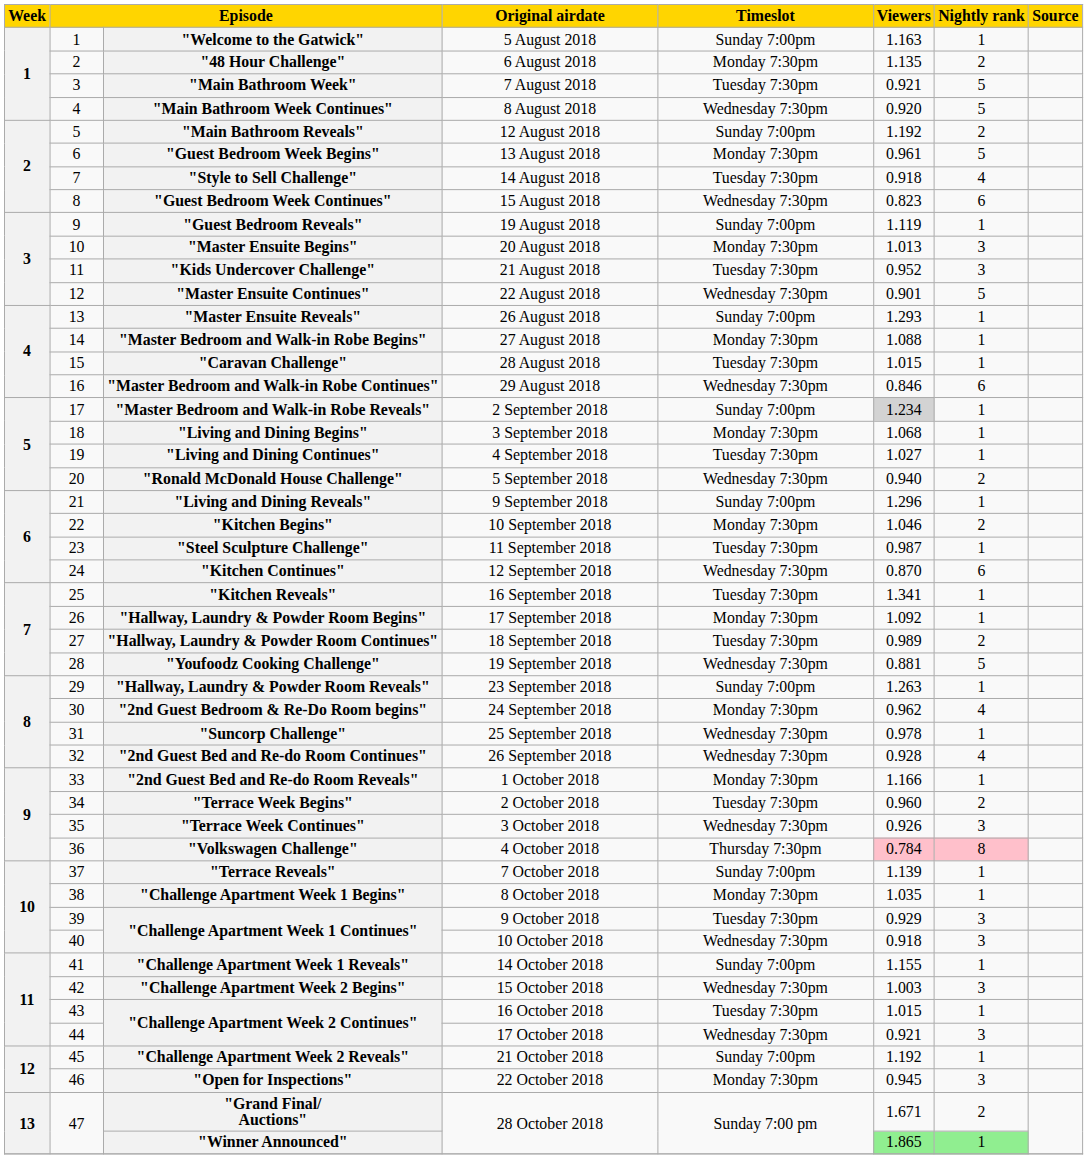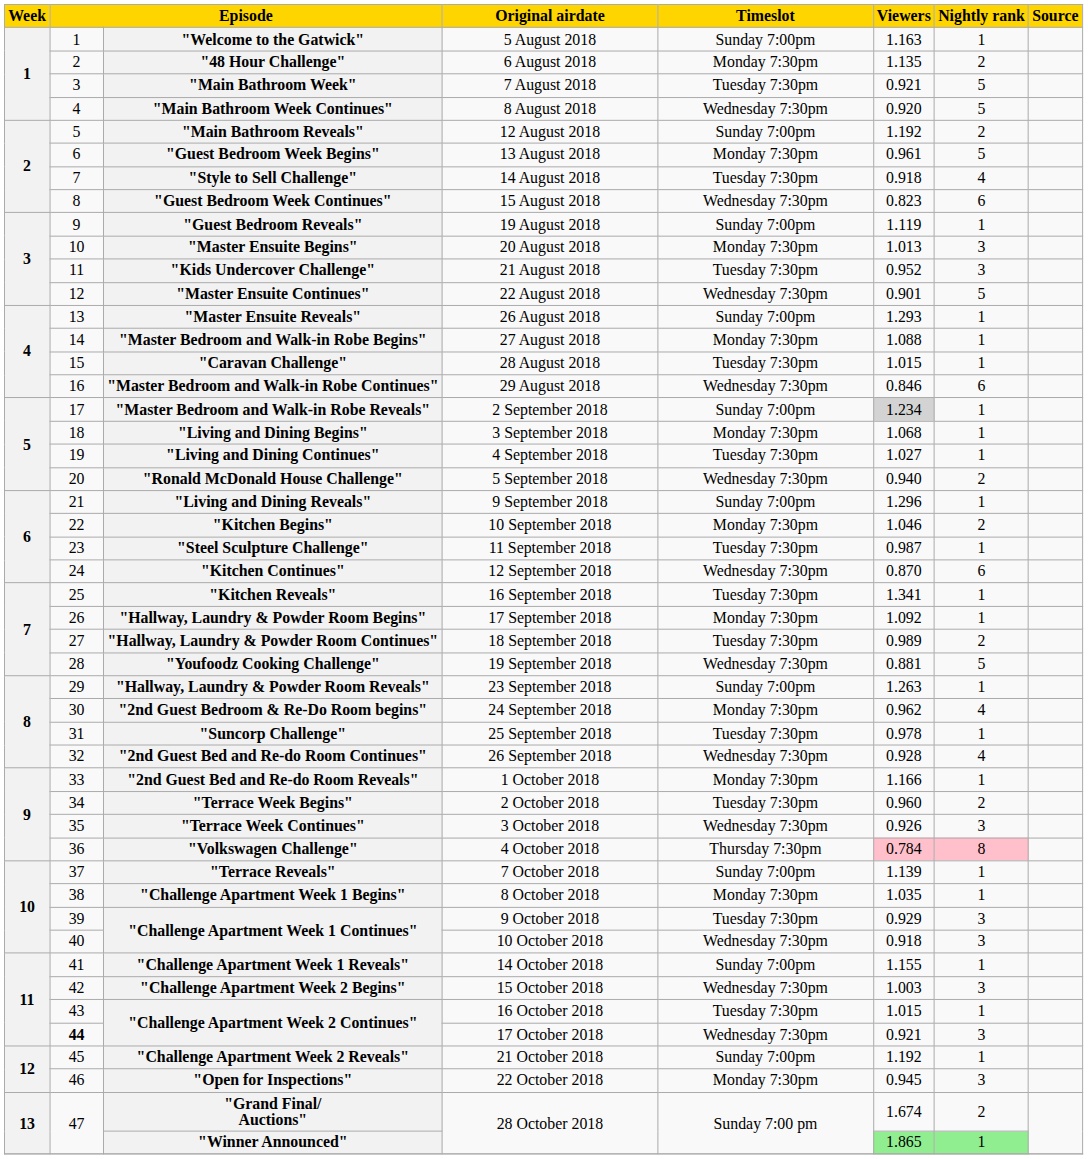 <table class="wikitable plainrowheaders" style="text-align:center; line-height:16px; vbbwidth:99%;">
 <tr>
 <th scope="col" style="background:#FFD500; color:black;">Week</th>
 <th scope="col" style="background:#FFD500; color:black;" colspan="2">Episode</th>
 <th scope="col" style="background:#FFD500; color:black; width:20%;">Original airdate</th>
 <th scope="col" style="background:#FFD500; color:black; width:20%;">Timeslot</th>
 <th scope="col" style="background:#FFD500; color:black;">Viewers<br><small></small></th>
 <th scope="col" style="background:#FFD500; color:black;">Nightly rank</th>
 <th scope="col" style="background:#FFD500; color:black;">Source</th>
 </tr>
 <tr>
 <th rowspan="4">1</th>
 <td>1</td>
 <th scope="row" style="text-align:center">"Welcome to the Gatwick"</th>
 <td>5 August 2018</td>
 <td>Sunday 7:00pm</td>
 <td>1.163</td>
 <td>1</td>
 <td></td>
 </tr>
 <tr>
 <td>2</td>
 <th scope="row" style="text-align:center">"48 Hour Challenge"</th>
 <td>6 August 2018</td>
 <td>Monday 7:30pm</td>
 <td>1.135</td>
 <td>2</td>
 <td></td>
 </tr>
 <tr>
 <td>3</td>
 <th scope="row" style="text-align:center">"Main Bathroom Week"</th>
 <td>7 August 2018</td>
 <td>Tuesday 7:30pm</td>
 <td>0.921</td>
 <td>5</td>
 <td></td>
 </tr>
 <tr>
 <td>4</td>
 <th scope="row" style="text-align:center">"Main Bathroom Week Continues"</th>
 <td>8 August 2018</td>
 <td>Wednesday 7:30pm</td>
 <td>0.920</td>
 <td>5</td>
 <td></td>
 </tr>
 <tr>
 <th rowspan="4">2</th>
 <td>5</td>
 <th scope="row" style="text-align:center">"Main Bathroom Reveals"</th>
 <td>12 August 2018</td>
 <td>Sunday 7:00pm</td>
 <td>1.192</td>
 <td>2</td>
 <td></td>
 </tr>
 <tr>
 <td>6</td>
 <th scope="row" style="text-align:center">"Guest Bedroom Week Begins"</th>
 <td>13 August 2018</td>
 <td>Monday 7:30pm</td>
 <td>0.961</td>
 <td>5</td>
 <td></td>
 </tr>
 <tr>
 <td>7</td>
 <th scope="row" style="text-align:center">"Style to Sell Challenge"</th>
 <td>14 August 2018</td>
 <td>Tuesday 7:30pm</td>
 <td>0.918</td>
 <td>4</td>
 <td></td>
 </tr>
 <tr>
 <td>8</td>
 <th scope="row" style="text-align:center">"Guest Bedroom Week Continues"</th>
 <td>15 August 2018</td>
 <td>Wednesday 7:30pm</td>
 <td>0.823</td>
 <td>6</td>
 <td></td>
 </tr>
 <tr>
 <th rowspan="4">3</th>
 <td>9</td>
 <th scope="row" style="text-align:center">"Guest Bedroom Reveals"</th>
 <td>19 August 2018</td>
 <td>Sunday 7:00pm</td>
 <td>1.119</td>
 <td>1</td>
 <td></td>
 </tr>
 <tr>
 <td>10</td>
 <th scope="row" style="text-align:center">"Master Ensuite Begins"</th>
 <td>20 August 2018</td>
 <td>Monday 7:30pm</td>
 <td>1.013</td>
 <td>3</td>
 <td></td>
 </tr>
 <tr>
 <td>11</td>
 <th scope="row" style="text-align:center">"Kids Undercover Challenge"</th>
 <td>21 August 2018</td>
 <td>Tuesday 7:30pm</td>
 <td>0.952</td>
 <td>3</td>
 <td></td>
 </tr>
 <tr>
 <td>12</td>
 <th scope="row" style="text-align:center">"Master Ensuite Continues"</th>
 <td>22 August 2018</td>
 <td>Wednesday 7:30pm</td>
 <td>0.901</td>
 <td>5</td>
 <td></td>
 </tr>
 <tr>
 <th rowspan="4">4</th>
 <td>13</td>
 <th scope="row" style="text-align:center">"Master Ensuite Reveals"</th>
 <td>26 August 2018</td>
 <td>Sunday 7:00pm</td>
 <td>1.293</td>
 <td>1</td>
 <td></td>
 </tr>
 <tr>
 <td>14</td>
 <th scope="row" style="text-align:center">"Master Bedroom and Walk-in Robe Begins"</th>
 <td>27 August 2018</td>
 <td>Monday 7:30pm</td>
 <td>1.088</td>
 <td>1</td>
 <td></td>
 </tr>
 <tr>
 <td>15</td>
 <th scope="row" style="text-align:center">"Caravan Challenge"</th>
 <td>28 August 2018</td>
 <td>Tuesday 7:30pm</td>
 <td>1.015</td>
 <td>1</td>
 <td></td>
 </tr>
 <tr>
 <td>16</td>
 <th scope="row" style="text-align:center">"Master Bedroom and Walk-in Robe Continues"</th>
 <td>29 August 2018</td>
 <td>Wednesday 7:30pm</td>
 <td>0.846</td>
 <td>6</td>
 <td></td>
 </tr>
 <tr>
 <th rowspan="4">5</th>
 <td>17</td>
 <th scope="row" style="text-align:center">"Master Bedroom and Walk-in Robe Reveals"</th>
 <td>2 September 2018</td>
 <td>Sunday 7:00pm</td>
 <td style="background: lightgrey;">1.234</td>
 <td>1</td>
 <td></td>
 </tr>
 <tr>
 <td>18</td>
 <th scope="row" style="text-align:center">"Living and Dining Begins"</th>
 <td>3 September 2018</td>
 <td>Monday 7:30pm</td>
 <td>1.068</td>
 <td>1</td>
 <td></td>
 </tr>
 <tr>
 <td>19</td>
 <th scope="row" style="text-align:center">"Living and Dining Continues"</th>
 <td>4 September 2018</td>
 <td>Tuesday 7:30pm</td>
 <td>1.027</td>
 <td>1</td>
 <td></td>
 </tr>
 <tr>
 <td>20</td>
 <th scope="row" style="text-align:center">"Ronald McDonald House Challenge"</th>
 <td>5 September 2018</td>
 <td>Wednesday 7:30pm</td>
 <td>0.940</td>
 <td>2</td>
 <td></td>
 </tr>
 <tr>
 <th rowspan="4">6</th>
 <td>21</td>
 <th scope="row" style="text-align:center">"Living and Dining Reveals"</th>
 <td>9 September 2018</td>
 <td>Sunday 7:00pm</td>
 <td>1.296</td>
 <td>1</td>
 <td></td>
 </tr>
 <tr>
 <td>22</td>
 <th scope="row" style="text-align:center">"Kitchen Begins"</th>
 <td>10 September 2018</td>
 <td>Monday 7:30pm</td>
 <td>1.046</td>
 <td>2</td>
 <td></td>
 </tr>
 <tr>
 <td>23</td>
 <th scope="row" style="text-align:center">"Steel Sculpture Challenge"</th>
 <td>11 September 2018</td>
 <td>Tuesday 7:30pm</td>
 <td>0.987</td>
 <td>1</td>
 <td></td>
 </tr>
 <tr>
 <td>24</td>
 <th scope="row" style="text-align:center">"Kitchen Continues"</th>
 <td>12 September 2018</td>
 <td>Wednesday 7:30pm</td>
 <td>0.870</td>
 <td>6</td>
 <td></td>
 </tr>
 <tr>
 <th rowspan="4">7</th>
 <td>25</td>
 <th scope="row" style="text-align:center">"Kitchen Reveals"</th>
 <td>16 September 2018</td>
 <td>Tuesday 7:30pm</td>
 <td>1.341</td>
 <td>1</td>
 <td></td>
 </tr>
 <tr>
 <td>26</td>
 <th scope="row" style="text-align:center">"Hallway, Laundry & Powder Room Begins"</th>
 <td>17 September 2018</td>
 <td>Monday 7:30pm</td>
 <td>1.092</td>
 <td>1</td>
 <td></td>
 </tr>
 <tr>
 <td>27</td>
 <th scope="row" style="text-align:center">"Hallway, Laundry & Powder Room Continues"</th>
 <td>18 September 2018</td>
 <td>Tuesday 7:30pm</td>
 <td>0.989</td>
 <td>2</td>
 <td></td>
 </tr>
 <tr>
 <td>28</td>
 <th scope="row" style="text-align:center">"Youfoodz Cooking Challenge"</th>
 <td>19 September 2018</td>
 <td>Wednesday 7:30pm</td>
 <td>0.881</td>
 <td>5</td>
 <td></td>
 </tr>
 <tr>
 <th rowspan="4">8</th>
 <td>29</td>
 <th scope="row" style="text-align:center">"Hallway, Laundry & Powder Room Reveals"</th>
 <td>23 September 2018</td>
 <td>Sunday 7:00pm</td>
 <td>1.263</td>
 <td>1</td>
 <td></td>
 </tr>
 <tr>
 <td>30</td>
 <th scope="row" style="text-align:center">"2nd Guest Bedroom & Re-Do Room begins"</th>
 <td>24 September 2018</td>
 <td>Monday 7:30pm</td>
 <td>0.962</td>
 <td>4</td>
 <td></td>
 </tr>
 <tr>
 <td>31</td>
 <th scope="row" style="text-align:center">"Suncorp Challenge"</th>
 <td>25 September 2018</td>
-<td>Wednesday 7:30pm</td>
+<td>Tuesday 7:30pm</td>
 <td>0.978</td>
 <td>1</td>
 <td></td>
 </tr>
 <tr>
 <td>32</td>
 <th scope="row" style="text-align:center">"2nd Guest Bed and Re-do Room Continues"</th>
 <td>26 September 2018</td>
 <td>Wednesday 7:30pm</td>
 <td>0.928</td>
 <td>4</td>
 <td></td>
 </tr>
 <tr>
 <th rowspan="4">9</th>
 <td>33</td>
 <th scope="row" style="text-align:center">"2nd Guest Bed and Re-do Room Reveals"</th>
 <td>1 October 2018</td>
 <td>Monday 7:30pm</td>
 <td>1.166</td>
 <td>1</td>
 <td></td>
 </tr>
 <tr>
 <td>34</td>
 <th scope="row" style="text-align:center">"Terrace Week Begins"</th>
 <td>2 October 2018</td>
 <td>Tuesday 7:30pm</td>
 <td>0.960</td>
 <td>2</td>
 <td></td>
 </tr>
 <tr>
 <td>35</td>
 <th scope="row" style="text-align:center">"Terrace Week Continues"</th>
 <td>3 October 2018</td>
 <td>Wednesday 7:30pm</td>
 <td>0.926</td>
 <td>3</td>
 <td></td>
 </tr>
 <tr>
 <td>36</td>
 <th scope="row" style="text-align:center">"Volkswagen Challenge"</th>
 <td>4 October 2018</td>
 <td>Thursday 7:30pm</td>
 <td style="background:#FFC0CB">0.784</td>
 <td style="background:#FFC0CB">8</td>
 <td></td>
 </tr>
 <tr>
 <th rowspan="4">10</th>
 <td>37</td>
 <th scope="row" style="text-align:center">"Terrace Reveals"</th>
 <td>7 October 2018</td>
 <td>Sunday 7:00pm</td>
 <td>1.139</td>
 <td>1</td>
 <td></td>
 </tr>
 <tr>
 <td>38</td>
 <th scope="row" style="text-align:center">"Challenge Apartment Week 1 Begins"</th>
 <td>8 October 2018</td>
 <td>Monday 7:30pm</td>
 <td>1.035</td>
 <td>1</td>
 <td></td>
 </tr>
 <tr>
 <td>39</td>
 <th rowspan="2" scope="row" style="text-align:center">"Challenge Apartment Week 1 Continues"</th>
 <td>9 October 2018</td>
 <td>Tuesday 7:30pm</td>
 <td>0.929</td>
 <td>3</td>
 <td></td>
 </tr>
 <tr>
 <td>40</td>
 <td>10 October 2018</td>
 <td>Wednesday 7:30pm</td>
 <td>0.918</td>
 <td>3</td>
 <td></td>
 </tr>
 <tr>
 <th rowspan="4">11</th>
 <td>41</td>
 <th scope="row" style="text-align:center">"Challenge Apartment Week 1 Reveals"</th>
 <td>14 October 2018</td>
 <td>Sunday 7:00pm</td>
 <td>1.155</td>
 <td>1</td>
 <td></td>
 </tr>
 <tr>
 <td>42</td>
 <th scope="row" style="text-align:center">"Challenge Apartment Week 2 Begins"</th>
 <td>15 October 2018</td>
 <td>Wednesday 7:30pm</td>
 <td>1.003</td>
 <td>3</td>
 <td></td>
 </tr>
 <tr>
 <td>43</td>
 <th rowspan="2" scope="row" style="text-align:center">"Challenge Apartment Week 2 Continues"</th>
 <td>16 October 2018</td>
 <td>Tuesday 7:30pm</td>
 <td>1.015</td>
 <td>1</td>
 <td></td>
 </tr>
 <tr>
-<td>44</td>
+<td><strong>44</strong></td>
 <td>17 October 2018</td>
 <td>Wednesday 7:30pm</td>
 <td>0.921</td>
 <td>3</td>
 <td></td>
 </tr>
 <tr>
 <th rowspan="2">12</th>
 <td>45</td>
 <th scope="row" style="text-align:center">"Challenge Apartment Week 2 Reveals"</th>
 <td>21 October 2018</td>
 <td>Sunday 7:00pm</td>
 <td>1.192</td>
 <td>1</td>
 <td></td>
 </tr>
 <tr>
 <td>46</td>
 <th scope="row" style="text-align:center">"Open for Inspections"</th>
 <td>22 October 2018</td>
 <td>Monday 7:30pm</td>
 <td>0.945</td>
 <td>3</td>
 <td></td>
 </tr>
 <tr>
 <th rowspan="2">13</th>
 <td style="width:05%;" rowspan="2">47</td>
 <th scope="row" style="text-align:center"><strong>"Grand Final/<br>Auctions"</strong></th>
 <td rowspan="2">28 October 2018</td>
 <td rowspan="2">Sunday 7:00 pm</td>
-<td>1.671</td>
+<td>1.674</td>
 <td>2</td>
 <td rowspan=2></td>
 </tr>
 <tr>
 <th scope="row" style="text-align:center"><strong>"Winner Announced"</strong></th>
 <td style="background:#90EE90">1.865</td>
 <td style="background:#90EE90">1</td>
 </tr>
 <tr>
 </tr>
 </table>
